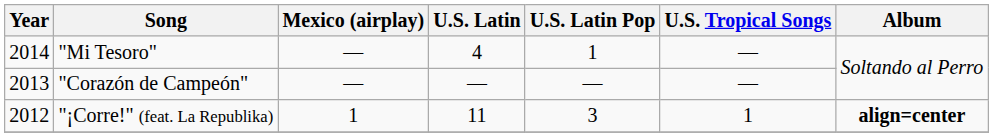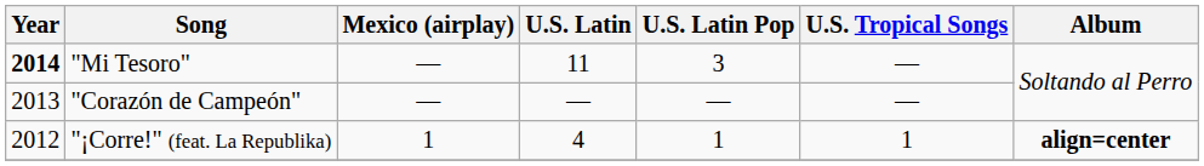 <table class="wikitable" style=text-align:center;>
 <tr>
 <th>Year</th>
 <th>Song</th>
 <th>Mexico (airplay)</th>
 <th>U.S. Latin</th>
 <th>U.S. Latin Pop</th>
 <th>U.S. <a href='#'>Tropical Songs</a></th>
 <th>Album</th>
 </tr>
 <tr>
-<td>2014</td>
+<td><strong>2014</strong></td>
 <td align=left>"Mi Tesoro"</td>
 <td>—</td>
-<td>4</td>
-<td>1</td>
+<td>11</td>
+<td>3</td>
 <td>—</td>
 <td rowspan="2"><em>Soltando al Perro</em></td>
 </tr>
 <tr>
 <td>2013</td>
 <td align=left>"Corazón de Campeón"</td>
 <td>—</td>
 <td>—</td>
 <td>—</td>
 <td>—</td>
 </tr>
 <tr>
 <td>2012</td>
 <td align=left>"¡Corre!" <small>(feat. La Republika)</small></td>
 <td>1</td>
-<td>11</td>
-<td>3</td>
+<td>4</td>
+<td>1</td>
 <td>1</td>
 <td><strong>align=center </strong></td>
 </tr>
 <tr>
 </tr>
 </table>
